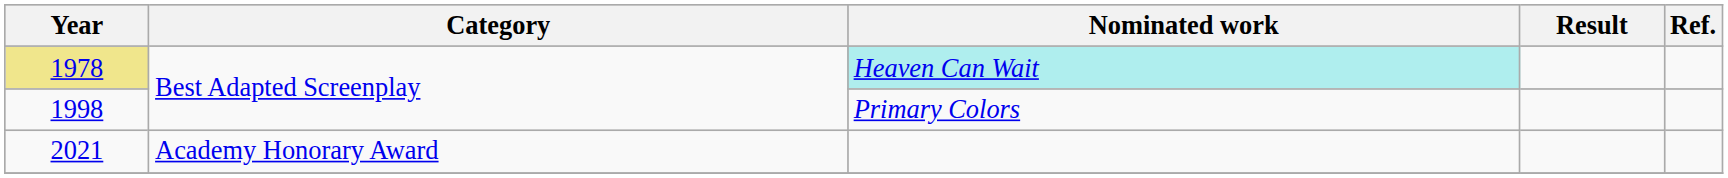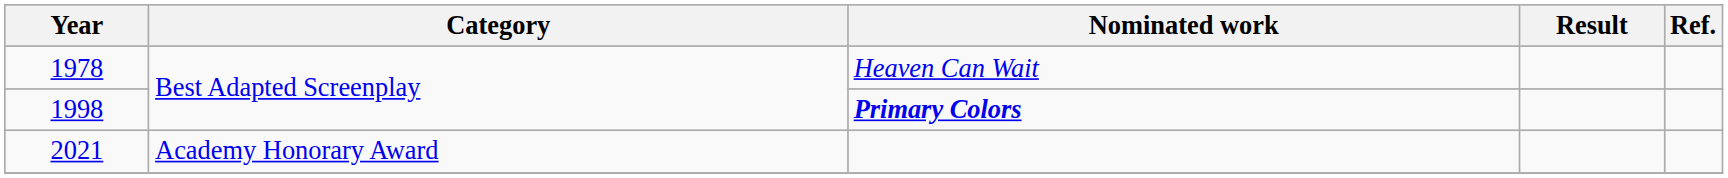 <table class=wikitable>
 <tr>
 <th scope="col" style="width:5em;">Year</th>
 <th scope="col" style="width:26em;">Category</th>
 <th scope="col" style="width:25em;">Nominated work</th>
 <th scope="col" style="width:5em;">Result</th>
 <th>Ref.</th>
 </tr>
 <tr>
-<td style="background: khaki; text-align:center;"><a href='#'>1978</a></td>
+<td style="text-align:center;"><a href='#'>1978</a></td>
 <td rowspan="2"><a href='#'>Best Adapted Screenplay</a></td>
-<td style="background: paleturquoise;"><em><a href='#'>Heaven Can Wait</a></em> </td>
+<td><em><a href='#'>Heaven Can Wait</a></em> </td>
 <td></td>
 <td></td>
 </tr>
 <tr>
 <td style="text-align:center;"><a href='#'>1998</a></td>
-<td><em><a href='#'>Primary Colors</a></em></td>
+<td><strong><em><a href='#'>Primary Colors</a></em></strong></td>
 <td></td>
 <td></td>
 </tr>
 <tr>
 <td style="text-align:center;"><a href='#'>2021</a></td>
 <td><a href='#'>Academy Honorary Award</a></td>
 <td></td>
 <td></td>
 <td></td>
 </tr>
 <tr>
 </tr>
 </table>
